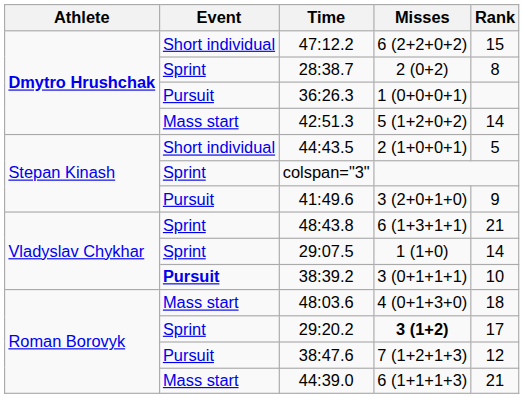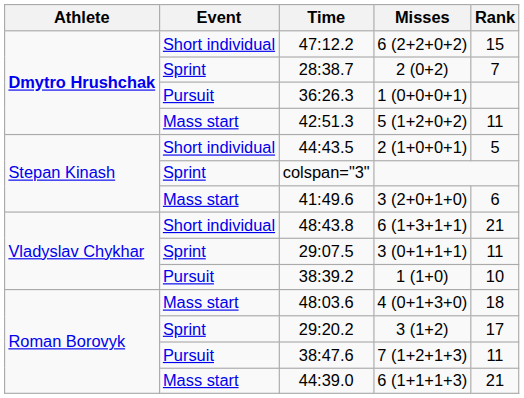 <table class=wikitable style=font-size:90%;text-align:center>
 <tr>
 <th>Athlete</th>
 <th>Event</th>
 <th>Time</th>
 <th>Misses</th>
 <th>Rank</th>
 </tr>
 <tr>
 <td rowspan="4" align="left"><strong><a href='#'>Dmytro Hrushchak</a></strong></td>
 <td align=left><a href='#'>Short individual</a></td>
 <td>47:12.2</td>
 <td>6 (2+2+0+2)</td>
 <td>15</td>
 </tr>
 <tr>
 <td align=left><a href='#'>Sprint</a></td>
 <td>28:38.7</td>
 <td>2 (0+2)</td>
-<td>8</td>
+<td>7</td>
 </tr>
 <tr>
 <td align=left><a href='#'>Pursuit</a></td>
 <td>36:26.3</td>
 <td>1 (0+0+0+1)</td>
 <td></td>
 </tr>
 <tr>
 <td align=left><a href='#'>Mass start</a></td>
 <td>42:51.3</td>
 <td>5 (1+2+0+2)</td>
-<td>14</td>
+<td>11</td>
 </tr>
 <tr>
 <td rowspan="3" align="left"><a href='#'>Stepan Kinash</a></td>
 <td align=left><a href='#'>Short individual</a></td>
 <td>44:43.5</td>
 <td>2 (1+0+0+1)</td>
 <td>5</td>
 </tr>
 <tr>
 <td align=left><a href='#'>Sprint</a></td>
 <td>colspan="3" </td>
 </tr>
 <tr>
-<td align=left><a href='#'>Pursuit</a></td>
+<td align=left><a href='#'>Mass start</a></td>
 <td>41:49.6</td>
 <td>3 (2+0+1+0)</td>
-<td>9</td>
+<td>6</td>
 </tr>
 <tr>
 <td rowspan="3" align="left"><a href='#'>Vladyslav Chykhar</a></td>
-<td align=left><a href='#'>Sprint</a></td>
+<td align="left"><a href='#'>Short individual</a></td>
 <td>48:43.8</td>
 <td>6 (1+3+1+1)</td>
 <td>21</td>
 </tr>
 <tr>
 <td align=left><a href='#'>Sprint</a></td>
 <td>29:07.5</td>
-<td>1 (1+0)</td>
-<td>14</td>
+<td>3 (0+1+1+1)</td>
+<td>11</td>
 </tr>
 <tr>
-<td align=left><strong><a href='#'>Pursuit</a></strong></td>
+<td align=left><a href='#'>Pursuit</a></td>
 <td>38:39.2</td>
-<td>3 (0+1+1+1)</td>
+<td>1 (1+0)</td>
 <td>10</td>
 </tr>
 <tr>
 <td rowspan="4" align="left"><a href='#'>Roman Borovyk</a></td>
 <td align=left><a href='#'>Mass start</a></td>
 <td>48:03.6</td>
 <td>4 (0+1+3+0)</td>
 <td>18</td>
 </tr>
 <tr>
 <td align=left><a href='#'>Sprint</a></td>
 <td>29:20.2</td>
-<td><strong>3 (1+2)</strong></td>
+<td>3 (1+2)</td>
 <td>17</td>
 </tr>
 <tr>
 <td align=left><a href='#'>Pursuit</a></td>
 <td>38:47.6</td>
 <td>7 (1+2+1+3)</td>
-<td>12</td>
+<td>11</td>
 </tr>
 <tr>
 <td align=left><a href='#'>Mass start</a></td>
 <td>44:39.0</td>
 <td>6 (1+1+1+3)</td>
 <td>21</td>
 </tr>
 </table>
